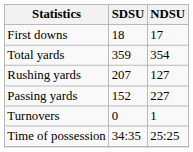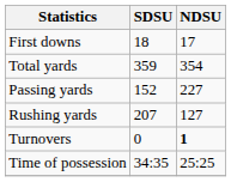 <table class="wikitable">
 <tr>
 <th>Statistics</th>
 <th>SDSU</th>
 <th>NDSU</th>
 </tr>
 <tr>
 <td>First downs</td>
 <td>18</td>
 <td>17</td>
 </tr>
 <tr>
 <td>Total yards</td>
 <td>359</td>
 <td>354</td>
 </tr>
 <tr>
+<td>Passing yards</td>
+<td>152</td>
+<td>227</td>
+</tr>
+<tr>
 <td>Rushing yards</td>
 <td>207</td>
 <td>127</td>
 </tr>
 <tr>
-<td>Passing yards</td>
-<td>152</td>
-<td>227</td>
-</tr>
-<tr>
 <td>Turnovers</td>
 <td>0</td>
-<td>1</td>
+<td><strong>1</strong></td>
 </tr>
 <tr>
 <td>Time of possession</td>
 <td>34:35</td>
 <td>25:25</td>
 </tr>
 <tr>
 </tr>
 </table>
